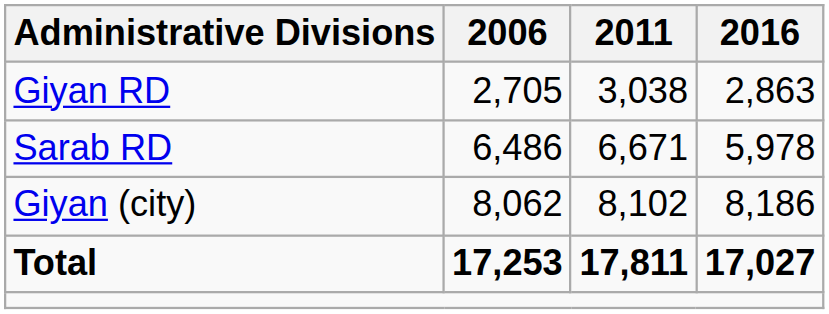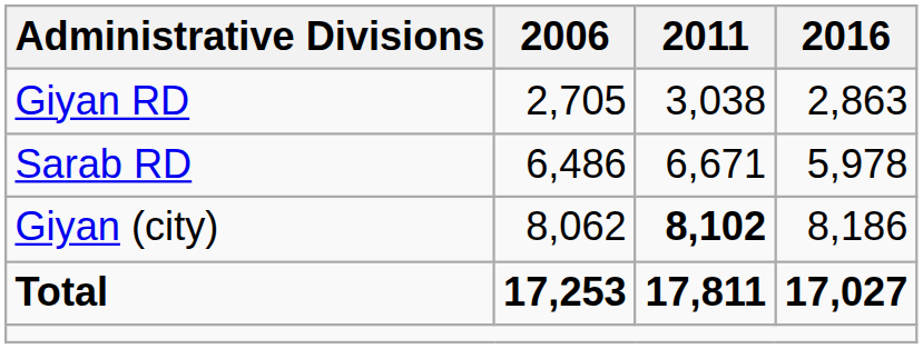 <table class="wikitable">
 <tr>
 <th>Administrative Divisions</th>
 <th>2006</th>
 <th>2011</th>
 <th>2016</th>
 </tr>
 <tr>
 <td><a href='#'>Giyan RD</a></td>
 <td style="text-align: right;">2,705</td>
 <td style="text-align: right;">3,038</td>
 <td style="text-align: right;">2,863</td>
 </tr>
 <tr>
 <td><a href='#'>Sarab RD</a></td>
 <td style="text-align: right;">6,486</td>
 <td style="text-align: right;">6,671</td>
 <td style="text-align: right;">5,978</td>
 </tr>
 <tr>
 <td><a href='#'>Giyan</a> (city)</td>
 <td style="text-align: right;">8,062</td>
-<td style="text-align: right;">8,102</td>
+<td style="text-align: right;"><strong>8,102</strong></td>
 <td style="text-align: right;">8,186</td>
 </tr>
 <tr>
 <td><strong>Total</strong></td>
 <td style="text-align: right;"><strong>17,253</strong></td>
 <td style="text-align: right;"><strong>17,811</strong></td>
 <td style="text-align: right;"><strong>17,027</strong></td>
 </tr>
 <tr>
 <td colspan=4></td>
 </tr>
 </table>
